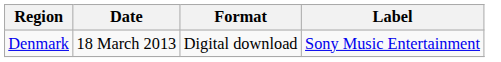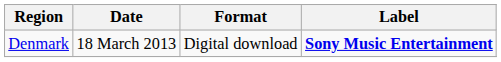 <table class=wikitable>
 <tr>
 <th>Region</th>
 <th>Date</th>
 <th>Format</th>
 <th>Label</th>
 </tr>
 <tr>
 <td><a href='#'>Denmark</a></td>
 <td>18 March 2013</td>
 <td>Digital download</td>
-<td><a href='#'>Sony Music Entertainment</a></td>
+<td><strong><a href='#'>Sony Music Entertainment</a></strong></td>
 </tr>
 <tr>
 </tr>
 </table>
